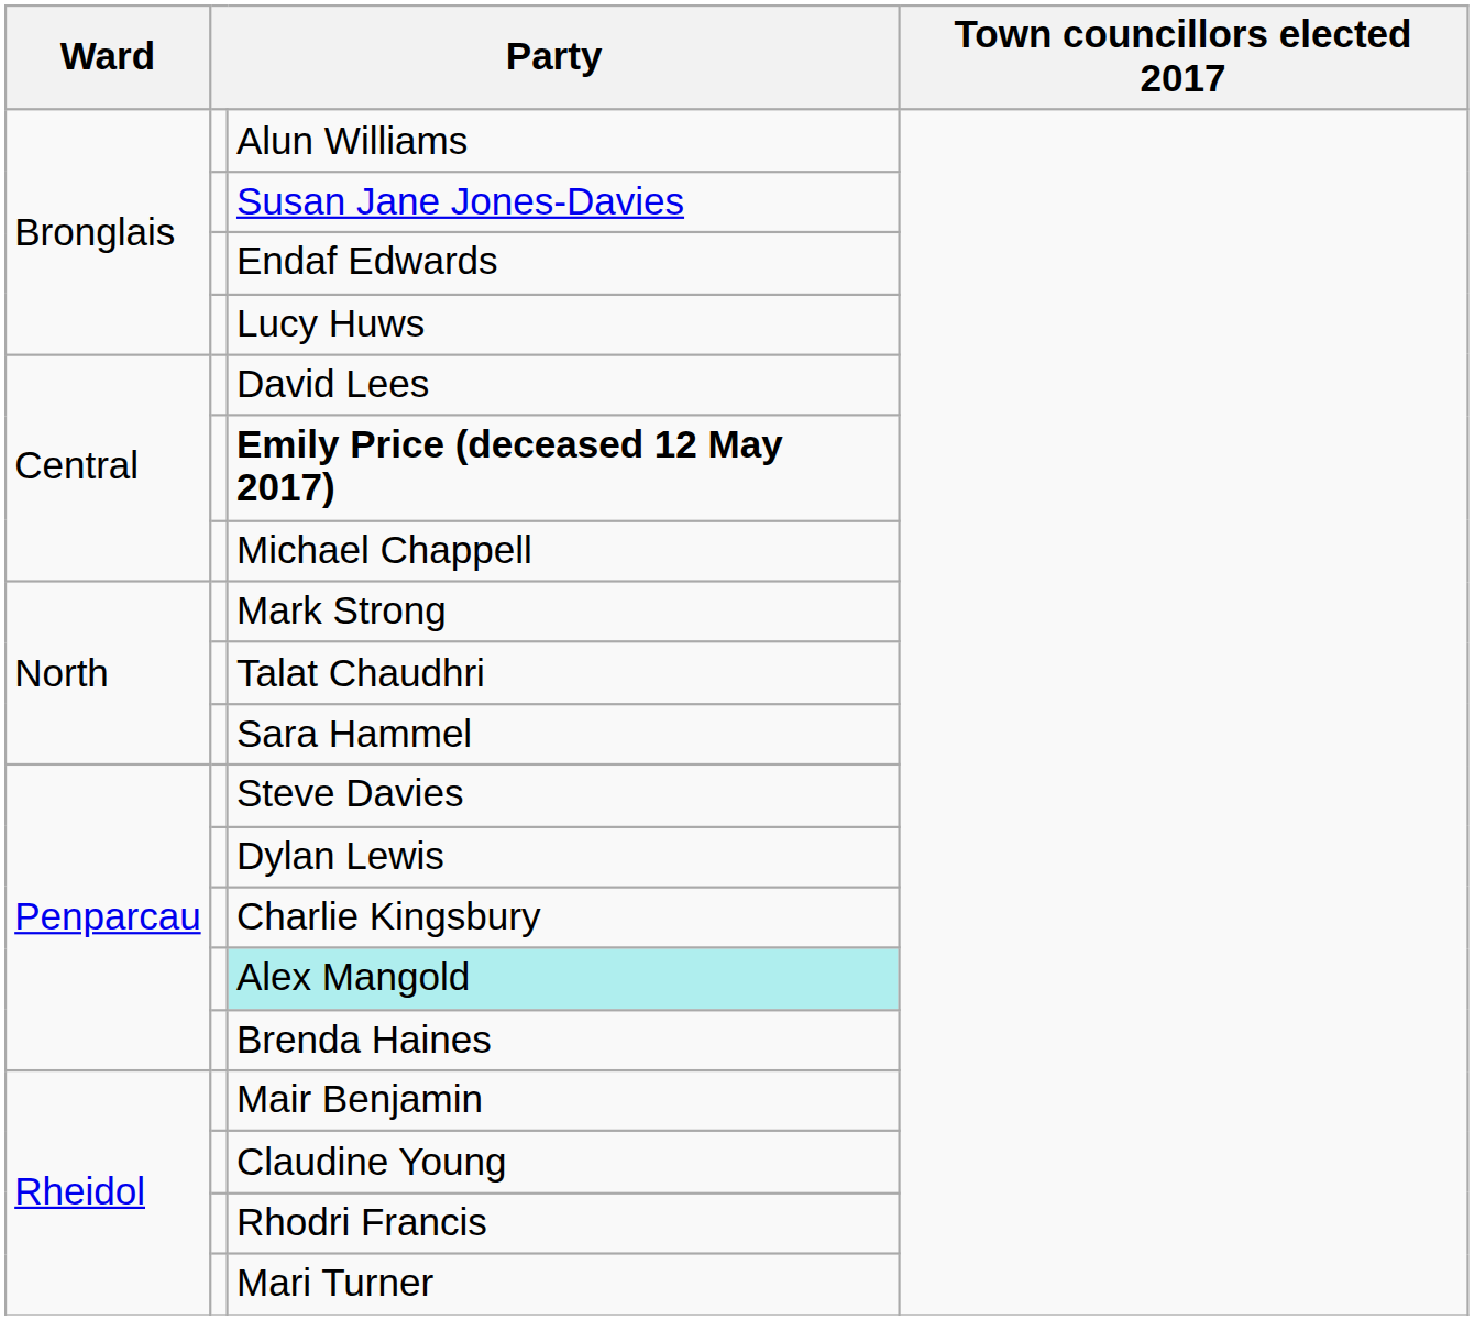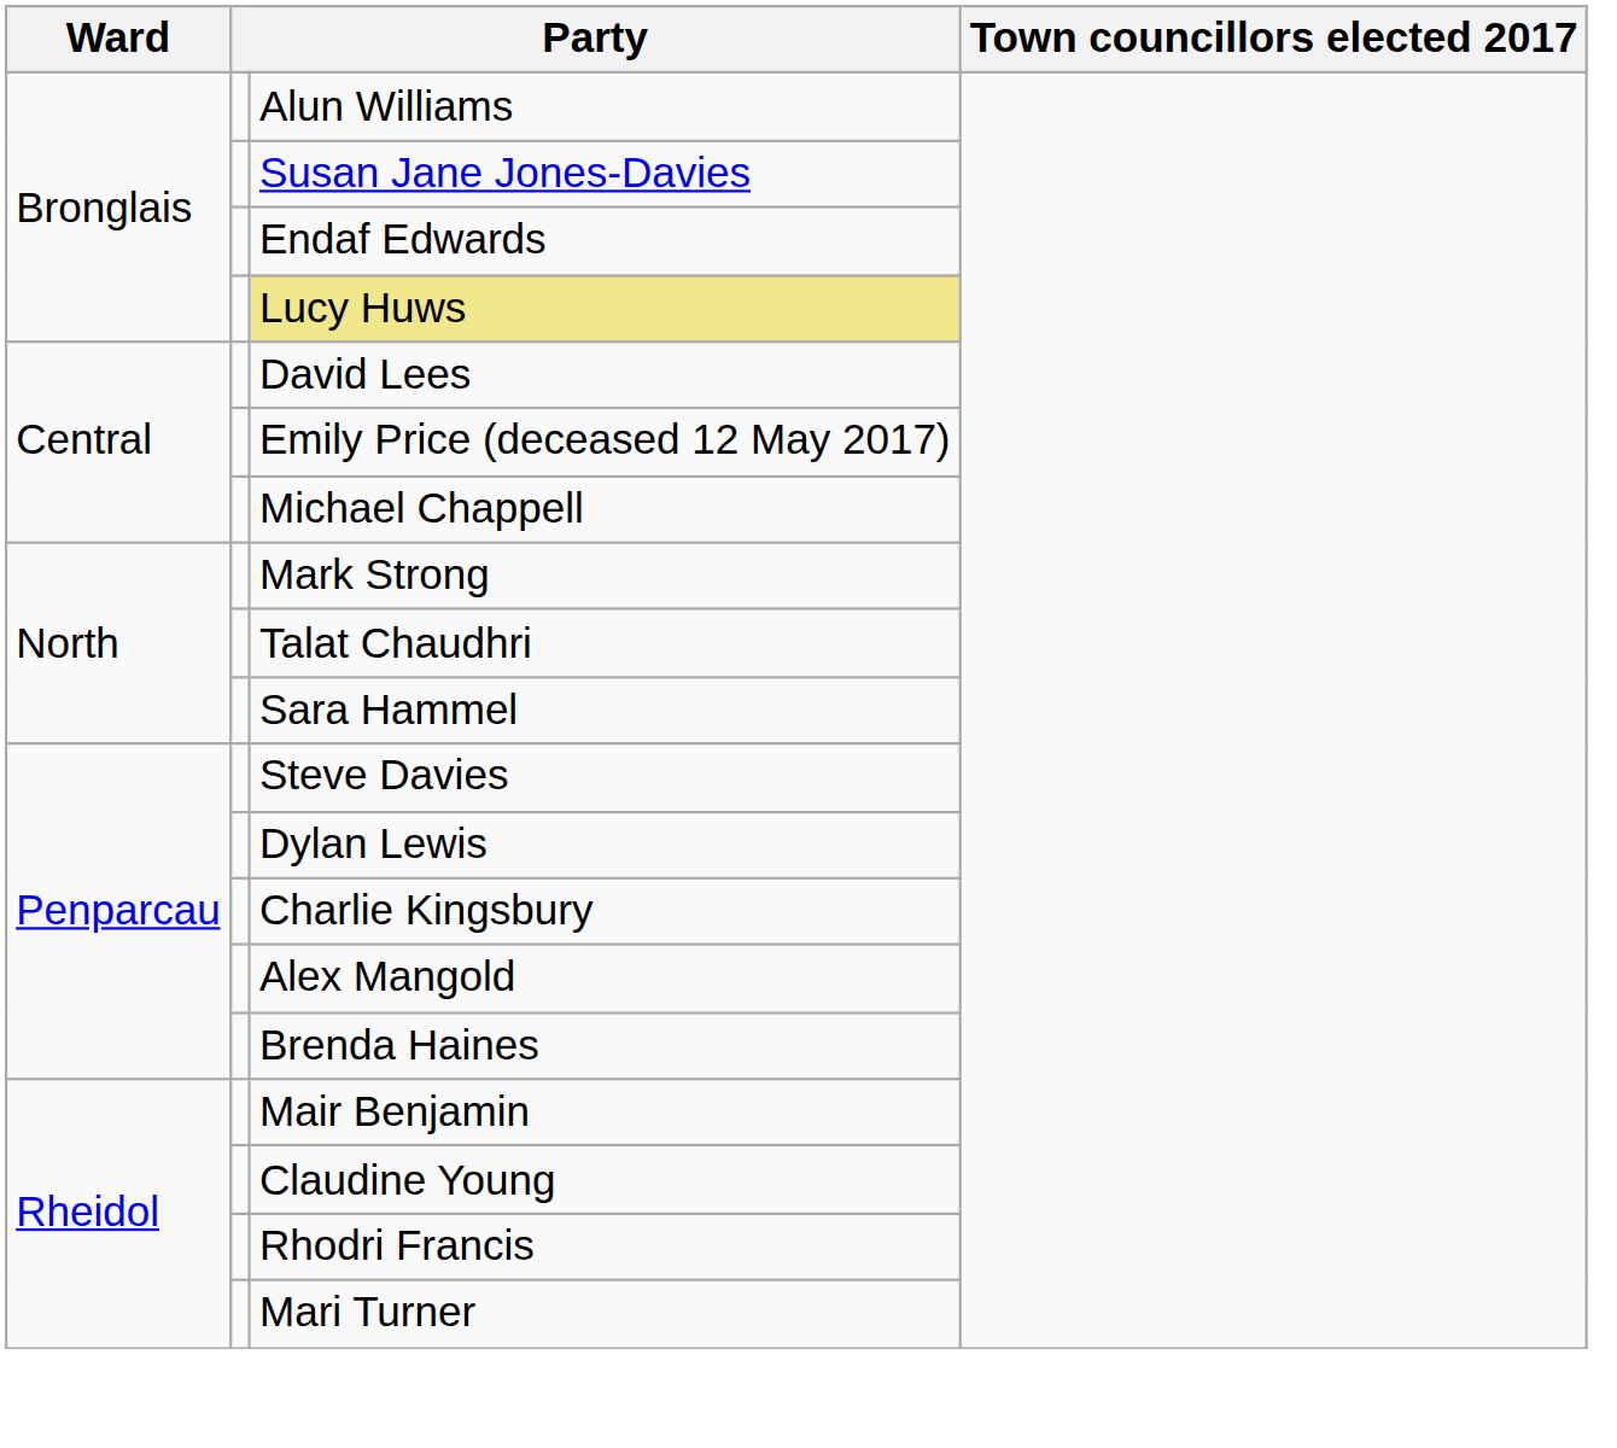 <table class="wikitable">
 <tr>
 <th>Ward</th>
 <th colspan=2>Party</th>
 <th>Town councillors elected 2017</th>
 </tr>
 <tr>
 <td rowspan="4">Bronglais</td>
 <td></td>
 <td>Alun Williams</td>
 </tr>
 <tr>
 <td></td>
 <td><a href='#'>Susan Jane Jones-Davies</a></td>
 </tr>
 <tr>
 <td></td>
 <td>Endaf Edwards</td>
 </tr>
 <tr>
 <td></td>
-<td>Lucy Huws</td>
+<td style="background: khaki;">Lucy Huws</td>
 </tr>
 <tr>
 <td rowspan="3">Central</td>
 <td></td>
 <td>David Lees</td>
 </tr>
 <tr>
 <td></td>
-<td><strong>Emily Price (deceased 12 May 2017)</strong></td>
+<td>Emily Price (deceased 12 May 2017)</td>
 </tr>
 <tr>
 <td></td>
 <td>Michael Chappell</td>
 </tr>
 <tr>
 <td rowspan="3">North</td>
 <td></td>
 <td>Mark Strong</td>
 </tr>
 <tr>
 <td></td>
 <td>Talat Chaudhri</td>
 </tr>
 <tr>
 <td></td>
 <td>Sara Hammel</td>
 </tr>
 <tr>
 <td rowspan="5"><a href='#'>Penparcau</a></td>
 <td></td>
 <td>Steve Davies</td>
 </tr>
 <tr>
 <td></td>
 <td>Dylan Lewis</td>
 </tr>
 <tr>
 <td></td>
 <td>Charlie Kingsbury</td>
 </tr>
 <tr>
 <td></td>
-<td style="background: paleturquoise;">Alex Mangold</td>
+<td>Alex Mangold</td>
 </tr>
 <tr>
 <td></td>
 <td>Brenda Haines</td>
 </tr>
 <tr>
 <td rowspan="4"><a href='#'>Rheidol</a></td>
 <td></td>
 <td>Mair Benjamin</td>
 </tr>
 <tr>
 <td></td>
 <td>Claudine Young</td>
 </tr>
 <tr>
 <td></td>
 <td>Rhodri Francis</td>
 </tr>
 <tr>
 <td></td>
 <td>Mari Turner</td>
 </tr>
 </table>
